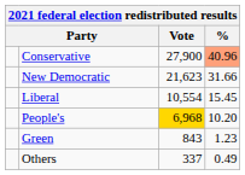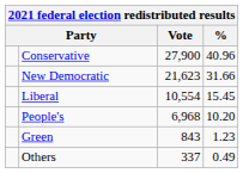 <table class="wikitable">
 <tr>
 <th colspan="4"><a href='#'>2021 federal election</a> redistributed results</th>
 </tr>
 <tr>
 <th bgcolor="#DDDDFF" width="130px" colspan="2">Party</th>
 <th bgcolor="#DDDDFF" width="50px">Vote</th>
 <th bgcolor="#DDDDFF" width="30px">%</th>
 </tr>
 <tr>
 <td> </td>
 <td><a href='#'>Conservative</a></td>
 <td align=right>27,900</td>
-<td align=right style="background: lightsalmon;">40.96</td>
+<td align=right>40.96</td>
 </tr>
 <tr>
 <td> </td>
 <td><a href='#'>New Democratic</a></td>
 <td align=right>21,623</td>
 <td align=right>31.66</td>
 </tr>
 <tr>
 <td> </td>
 <td><a href='#'>Liberal</a></td>
 <td align=right>10,554</td>
 <td align=right>15.45</td>
 </tr>
 <tr>
 <td> </td>
 <td><a href='#'>People's</a></td>
-<td align=right style="background: gold;">6,968</td>
+<td align=right>6,968</td>
 <td align=right>10.20</td>
 </tr>
 <tr>
 <td> </td>
 <td><a href='#'>Green</a></td>
 <td align=right>843</td>
 <td align=right>1.23</td>
 </tr>
 <tr>
 <td> </td>
 <td>Others</td>
 <td align=right>337</td>
 <td align=right>0.49</td>
 </tr>
 </table>
